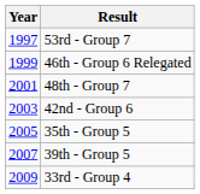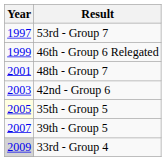 <table class="wikitable">
 <tr>
 <th>Year</th>
 <th>Result</th>
 </tr>
 <tr>
 <td> <a href='#'>1997</a></td>
 <td>53rd - Group 7</td>
 </tr>
 <tr>
 <td> <a href='#'>1999</a></td>
 <td>46th - Group 6 Relegated</td>
 </tr>
 <tr>
 <td> <a href='#'>2001</a></td>
 <td>48th - Group 7</td>
 </tr>
 <tr>
 <td> <a href='#'>2003</a></td>
 <td>42nd - Group 6</td>
 </tr>
 <tr>
-<td> <a href='#'>2005</a></td>
+<td style="background: lightyellow;"> <a href='#'>2005</a></td>
 <td>35th - Group 5</td>
 </tr>
 <tr>
 <td> <a href='#'>2007</a></td>
 <td>39th - Group 5</td>
 </tr>
 <tr>
-<td> <a href='#'>2009</a></td>
+<td style="background: lightgrey;"> <a href='#'>2009</a></td>
 <td>33rd - Group 4</td>
 </tr>
 </table>
